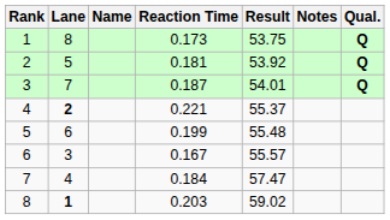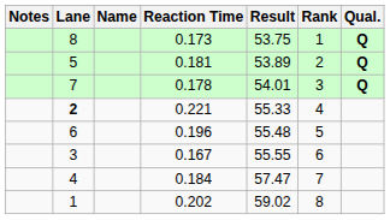 <table class="wikitable" style="text-align:center">
 <tr>
-<th>Rank</th>
+<th>Notes</th>
 <th>Lane</th>
 <th>Name</th>
 <th>Reaction Time</th>
 <th>Result</th>
-<th>Notes</th>
+<th>Rank</th>
 <th>Qual.</th>
 </tr>
 <tr bgcolor=ccffcc>
-<td>1</td>
+<td></td>
 <td>8</td>
 <td align="left"></td>
 <td>0.173</td>
 <td>53.75</td>
-<td></td>
+<td>1</td>
 <td><strong>Q</strong></td>
 </tr>
 <tr bgcolor=ccffcc>
-<td>2</td>
+<td></td>
 <td>5</td>
 <td align="left"></td>
 <td>0.181</td>
-<td>53.92</td>
-<td></td>
+<td>53.89</td>
+<td>2</td>
 <td><strong>Q</strong></td>
 </tr>
 <tr bgcolor=ccffcc>
-<td>3</td>
+<td></td>
 <td>7</td>
 <td align="left"></td>
-<td>0.187</td>
+<td>0.178</td>
 <td>54.01</td>
-<td></td>
+<td>3</td>
 <td><strong>Q</strong></td>
 </tr>
 <tr>
-<td>4</td>
+<td></td>
 <td><strong>2</strong></td>
 <td align="left"></td>
 <td>0.221</td>
-<td>55.37</td>
-<td></td>
+<td>55.33</td>
+<td>4</td>
 <td></td>
 </tr>
 <tr>
-<td>5</td>
+<td></td>
 <td>6</td>
 <td align="left"></td>
-<td>0.199</td>
+<td>0.196</td>
 <td>55.48</td>
-<td></td>
+<td>5</td>
 <td></td>
 </tr>
 <tr>
-<td>6</td>
+<td></td>
 <td>3</td>
 <td align="left"></td>
 <td>0.167</td>
-<td>55.57</td>
-<td></td>
+<td>55.55</td>
+<td>6</td>
 <td></td>
 </tr>
 <tr>
-<td>7</td>
+<td></td>
 <td>4</td>
 <td align="left"></td>
 <td>0.184</td>
 <td>57.47</td>
-<td></td>
+<td>7</td>
 <td></td>
 </tr>
 <tr>
+<td></td>
+<td>1</td>
+<td align="left"></td>
+<td>0.202</td>
+<td>59.02</td>
 <td>8</td>
-<td><strong>1</strong></td>
-<td align="left"></td>
-<td>0.203</td>
-<td>59.02</td>
-<td></td>
 <td></td>
 </tr>
 </table>
